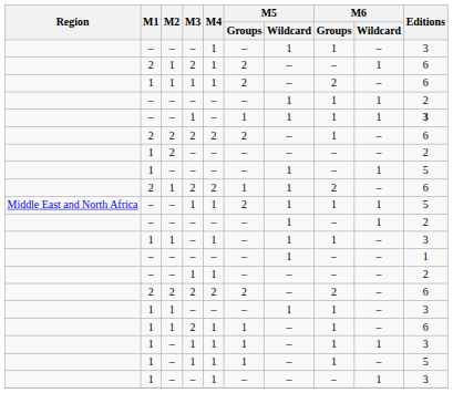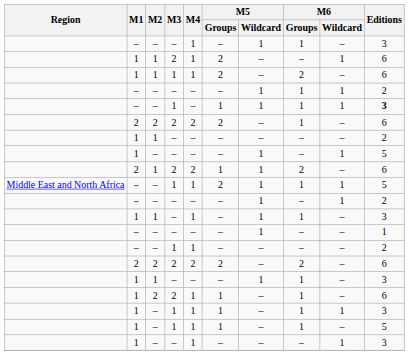 <table class="wikitable sortable" style="text-align:center">
 <tr>
 <th rowspan="2">Region</th>
 <th rowspan="2">M1</th>
 <th rowspan="2">M2</th>
 <th rowspan="2">M3</th>
 <th rowspan="2">M4</th>
 <th colspan="2">M5</th>
 <th colspan="2">M6</th>
 <th rowspan="2">Editions</th>
 </tr>
 <tr>
 <th>Groups</th>
 <th>Wildcard</th>
 <th>Groups</th>
 <th>Wildcard</th>
 </tr>
 <tr>
 <td align="left"></td>
 <td>–</td>
 <td>–</td>
 <td>–</td>
 <td>1</td>
 <td>–</td>
 <td>1</td>
 <td>1</td>
 <td>–</td>
 <td>3</td>
 </tr>
 <tr>
 <td align="left"></td>
-<td>2</td>
+<td>1</td>
 <td>1</td>
 <td>2</td>
 <td>1</td>
 <td>2</td>
 <td>–</td>
 <td>–</td>
 <td>1</td>
 <td>6</td>
 </tr>
 <tr>
 <td align="left"></td>
 <td>1</td>
 <td>1</td>
 <td>1</td>
 <td>1</td>
 <td>2</td>
 <td>–</td>
 <td>2</td>
 <td>–</td>
 <td>6</td>
 </tr>
 <tr>
 <td align="left"></td>
 <td>–</td>
 <td>–</td>
 <td>–</td>
 <td>–</td>
 <td>–</td>
 <td>1</td>
 <td>1</td>
 <td>1</td>
 <td>2</td>
 </tr>
 <tr>
 <td align="left"></td>
 <td>–</td>
 <td>–</td>
 <td>1</td>
 <td>–</td>
 <td>1</td>
 <td>1</td>
 <td>1</td>
 <td>1</td>
 <td><strong>3</strong></td>
 </tr>
 <tr>
 <td align="left"></td>
 <td>2</td>
 <td>2</td>
 <td>2</td>
 <td>2</td>
 <td>2</td>
 <td>–</td>
 <td>1</td>
 <td>–</td>
 <td>6</td>
 </tr>
 <tr>
 <td align="left"></td>
 <td>1</td>
-<td>2</td>
+<td>1</td>
 <td>–</td>
 <td>–</td>
 <td>–</td>
 <td>–</td>
 <td>–</td>
 <td>–</td>
 <td>2</td>
 </tr>
 <tr>
 <td align="left"></td>
 <td>1</td>
 <td>–</td>
 <td>–</td>
 <td>–</td>
 <td>–</td>
 <td>1</td>
 <td>–</td>
 <td>1</td>
 <td>5</td>
 </tr>
 <tr>
 <td align="left"></td>
 <td>2</td>
 <td>1</td>
 <td>2</td>
 <td>2</td>
 <td>1</td>
 <td>1</td>
 <td>2</td>
 <td>–</td>
 <td>6</td>
 </tr>
 <tr>
 <td align="left"> <a href='#'>Middle East and North Africa</a></td>
 <td>–</td>
 <td>–</td>
 <td>1</td>
 <td>1</td>
 <td>2</td>
 <td>1</td>
 <td>1</td>
 <td>1</td>
 <td>5</td>
 </tr>
 <tr>
 <td align="left"></td>
 <td>–</td>
 <td>–</td>
 <td>–</td>
 <td>–</td>
 <td>–</td>
 <td>1</td>
 <td>–</td>
 <td>1</td>
 <td>2</td>
 </tr>
 <tr>
 <td align="left"></td>
 <td>1</td>
 <td>1</td>
 <td>–</td>
 <td>1</td>
 <td>–</td>
 <td>1</td>
 <td>1</td>
 <td>–</td>
 <td>3</td>
 </tr>
 <tr>
 <td align="left"></td>
 <td>–</td>
 <td>–</td>
 <td>–</td>
 <td>–</td>
 <td>–</td>
 <td>1</td>
 <td>–</td>
 <td>–</td>
 <td>1</td>
 </tr>
 <tr>
 <td align="left"></td>
 <td>–</td>
 <td>–</td>
 <td>1</td>
 <td>1</td>
 <td>–</td>
 <td>–</td>
 <td>–</td>
 <td>–</td>
 <td>2</td>
 </tr>
 <tr>
 <td align="left"></td>
 <td>2</td>
 <td>2</td>
 <td>2</td>
 <td>2</td>
 <td>2</td>
 <td>–</td>
 <td>2</td>
 <td>–</td>
 <td>6</td>
 </tr>
 <tr>
 <td align="left"></td>
 <td>1</td>
 <td>1</td>
 <td>–</td>
 <td>–</td>
 <td>–</td>
 <td>1</td>
 <td>1</td>
 <td>–</td>
 <td>3</td>
 </tr>
 <tr>
 <td align="left"></td>
 <td>1</td>
-<td>1</td>
+<td>2</td>
 <td>2</td>
 <td>1</td>
 <td>1</td>
 <td>–</td>
 <td>1</td>
 <td>–</td>
 <td>6</td>
 </tr>
 <tr>
 <td align="left"></td>
 <td>1</td>
 <td>–</td>
 <td>1</td>
 <td>1</td>
 <td>1</td>
 <td>–</td>
 <td>1</td>
 <td>1</td>
 <td>3</td>
 </tr>
 <tr>
 <td align="left"></td>
 <td>1</td>
 <td>–</td>
 <td>1</td>
 <td>1</td>
 <td>1</td>
 <td>–</td>
 <td>1</td>
 <td>–</td>
 <td>5</td>
 </tr>
 <tr>
 <td align="left"></td>
 <td>1</td>
 <td>–</td>
 <td>–</td>
 <td>1</td>
 <td>–</td>
 <td>–</td>
 <td>–</td>
 <td>1</td>
 <td>3</td>
 </tr>
 <tr>
 </tr>
 </table>
